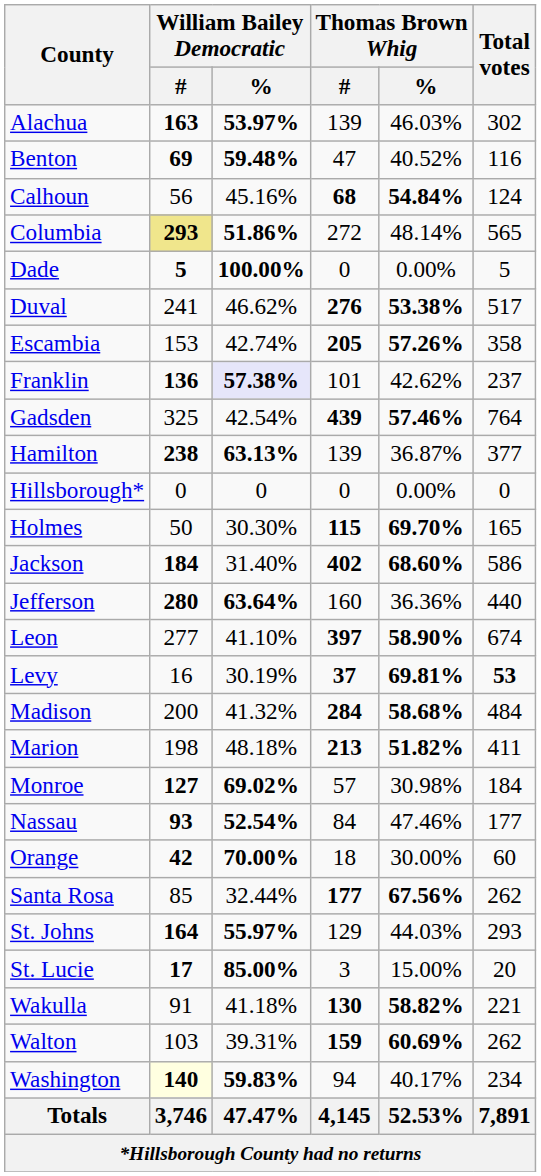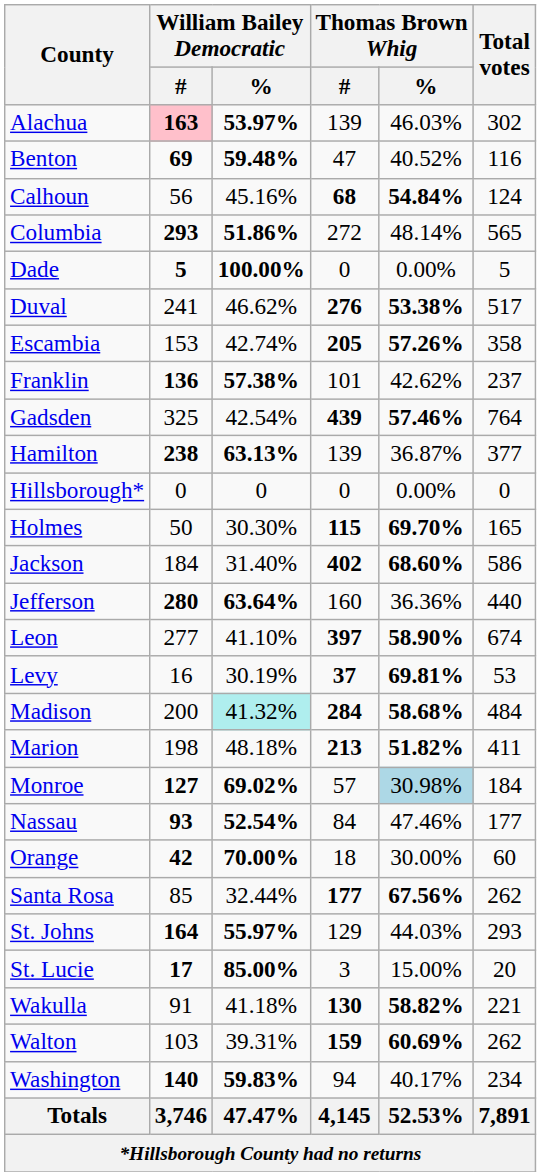 <table class="wikitable sortable">
 <tr>
 <th rowspan="2" colspan="1" style="text-align:center">County </th>
 <th colspan="2" >William Bailey<br><em>Democratic</em></th>
 <th colspan="2" style="text-align: center;" >Thomas Brown<br><em>Whig</em></th>
 <th rowspan="2" colspan="1" style="text-align: center;">Total<br>votes</th>
 </tr>
 <tr>
 <th colspan="1" style="text-align: center;" >#</th>
 <th colspan="1" style="text-align: center;" >%</th>
 <th colspan="1" style="text-align: center;" >#</th>
 <th colspan="1" style="text-align: center;" >%</th>
 </tr>
 <tr>
 <td><a href='#'>Alachua</a></td>
-<td align="center"><strong>163</strong></td>
+<td align="center" style="background: pink;"><strong>163</strong></td>
 <td align="center"><strong>53.97%</strong></td>
 <td align="center">139</td>
 <td align="center">46.03%</td>
 <td align="center">302</td>
 </tr>
 <tr>
 <td><a href='#'>Benton</a></td>
 <td align="center"><strong>69</strong></td>
 <td align="center"><strong>59.48%</strong></td>
 <td align="center">47</td>
 <td align="center">40.52%</td>
 <td align="center">116</td>
 </tr>
 <tr>
 <td><a href='#'>Calhoun</a></td>
 <td align="center">56</td>
 <td align="center">45.16%</td>
 <td align="center"><strong>68</strong></td>
 <td align="center"><strong>54.84%</strong></td>
 <td align="center">124</td>
 </tr>
 <tr>
 <td><a href='#'>Columbia</a></td>
-<td align="center" style="background: khaki;"><strong>293</strong></td>
+<td align="center"><strong>293</strong></td>
 <td align="center"><strong>51.86%</strong></td>
 <td align="center">272</td>
 <td align="center">48.14%</td>
 <td align="center">565</td>
 </tr>
 <tr>
 <td><a href='#'>Dade</a></td>
 <td align="center"><strong>5</strong></td>
 <td align="center"><strong>100.00%</strong></td>
 <td align="center">0</td>
 <td align="center">0.00%</td>
 <td align="center">5</td>
 </tr>
 <tr>
 <td><a href='#'>Duval</a></td>
 <td align="center">241</td>
 <td align="center">46.62%</td>
 <td align="center"><strong>276</strong></td>
 <td align="center"><strong>53.38%</strong></td>
 <td align="center">517</td>
 </tr>
 <tr>
 <td><a href='#'>Escambia</a></td>
 <td align="center">153</td>
 <td align="center">42.74%</td>
 <td align="center"><strong>205</strong></td>
 <td align="center"><strong>57.26%</strong></td>
 <td align="center">358</td>
 </tr>
 <tr>
 <td><a href='#'>Franklin</a></td>
 <td align="center"><strong>136</strong></td>
-<td align="center" style="background: lavender;"><strong>57.38%</strong></td>
+<td align="center"><strong>57.38%</strong></td>
 <td align="center">101</td>
 <td align="center">42.62%</td>
 <td align="center">237</td>
 </tr>
 <tr>
 <td><a href='#'>Gadsden</a></td>
 <td align="center">325</td>
 <td align="center">42.54%</td>
 <td align="center"><strong>439</strong></td>
 <td align="center"><strong>57.46%</strong></td>
 <td align="center">764</td>
 </tr>
 <tr>
 <td><a href='#'>Hamilton</a></td>
 <td align="center"><strong>238</strong></td>
 <td align="center"><strong>63.13%</strong></td>
 <td align="center">139</td>
 <td align="center">36.87%</td>
 <td align="center">377</td>
 </tr>
 <tr>
 <td><a href='#'>Hillsborough*</a></td>
 <td align="center">0</td>
 <td align="center">0</td>
 <td align="center">0</td>
 <td align="center">0.00%</td>
 <td align="center">0</td>
 </tr>
 <tr>
 <td><a href='#'>Holmes</a></td>
 <td align="center">50</td>
 <td align="center">30.30%</td>
 <td align="center"><strong>115</strong></td>
 <td align="center"><strong>69.70%</strong></td>
 <td align="center">165</td>
 </tr>
 <tr>
 <td><a href='#'>Jackson</a></td>
-<td align="center"><strong>184</strong></td>
+<td align="center">184</td>
 <td align="center">31.40%</td>
 <td align="center"><strong>402</strong></td>
 <td align="center"><strong>68.60%</strong></td>
 <td align="center">586</td>
 </tr>
 <tr>
 <td><a href='#'>Jefferson</a></td>
 <td align="center"><strong>280</strong></td>
 <td align="center"><strong>63.64%</strong></td>
 <td align="center">160</td>
 <td align="center">36.36%</td>
 <td align="center">440</td>
 </tr>
 <tr>
 <td><a href='#'>Leon</a></td>
 <td align="center">277</td>
 <td align="center">41.10%</td>
 <td align="center"><strong>397</strong></td>
 <td align="center"><strong>58.90%</strong></td>
 <td align="center">674</td>
 </tr>
 <tr>
 <td><a href='#'>Levy</a></td>
 <td align="center">16</td>
 <td align="center">30.19%</td>
 <td align="center"><strong>37</strong></td>
 <td align="center"><strong>69.81%</strong></td>
-<td align="center"><strong>53</strong></td>
+<td align="center">53</td>
 </tr>
 <tr>
 <td><a href='#'>Madison</a></td>
 <td align="center">200</td>
-<td align="center">41.32%</td>
+<td align="center" style="background: paleturquoise;">41.32%</td>
 <td align="center"><strong>284</strong></td>
 <td align="center"><strong>58.68%</strong></td>
 <td align="center">484</td>
 </tr>
 <tr>
 <td><a href='#'>Marion</a></td>
 <td align="center">198</td>
 <td align="center">48.18%</td>
 <td align="center"><strong>213</strong></td>
 <td align="center"><strong>51.82%</strong></td>
 <td align="center">411</td>
 </tr>
 <tr>
 <td><a href='#'>Monroe</a></td>
 <td align="center"><strong>127</strong></td>
 <td align="center"><strong>69.02%</strong></td>
 <td align="center">57</td>
-<td align="center">30.98%</td>
+<td align="center" style="background: lightblue;">30.98%</td>
 <td align="center">184</td>
 </tr>
 <tr>
 <td><a href='#'>Nassau</a></td>
 <td align="center"><strong>93</strong></td>
 <td align="center"><strong>52.54%</strong></td>
 <td align="center">84</td>
 <td align="center">47.46%</td>
 <td align="center">177</td>
 </tr>
 <tr>
 <td><a href='#'>Orange</a></td>
 <td align="center"><strong>42</strong></td>
 <td align="center"><strong>70.00%</strong></td>
 <td align="center">18</td>
 <td align="center">30.00%</td>
 <td align="center">60</td>
 </tr>
 <tr>
 <td><a href='#'>Santa Rosa</a></td>
 <td align="center">85</td>
 <td align="center">32.44%</td>
 <td align="center"><strong>177</strong></td>
 <td align="center"><strong>67.56%</strong></td>
 <td align="center">262</td>
 </tr>
 <tr>
 <td><a href='#'>St. Johns</a></td>
 <td align="center"><strong>164</strong></td>
 <td align="center"><strong>55.97%</strong></td>
 <td align="center">129</td>
 <td align="center">44.03%</td>
 <td align="center">293</td>
 </tr>
 <tr>
 <td><a href='#'>St. Lucie</a></td>
 <td align="center"><strong>17</strong></td>
 <td align="center"><strong>85.00%</strong></td>
 <td align="center">3</td>
 <td align="center">15.00%</td>
 <td align="center">20</td>
 </tr>
 <tr>
 <td><a href='#'>Wakulla</a></td>
 <td align="center">91</td>
 <td align="center">41.18%</td>
 <td align="center"><strong>130</strong></td>
 <td align="center"><strong>58.82%</strong></td>
 <td align="center">221</td>
 </tr>
 <tr>
 <td><a href='#'>Walton</a></td>
 <td align="center">103</td>
 <td align="center">39.31%</td>
 <td align="center"><strong>159</strong></td>
 <td align="center"><strong>60.69%</strong></td>
 <td align="center">262</td>
 </tr>
 <tr>
 <td><a href='#'>Washington</a></td>
-<td align="center" style="background: lightyellow;"><strong>140</strong></td>
+<td align="center"><strong>140</strong></td>
 <td align="center"><strong>59.83%</strong></td>
 <td align="center">94</td>
 <td align="center">40.17%</td>
 <td align="center">234</td>
 </tr>
 <tr>
 <th>Totals</th>
 <th>3,746</th>
 <th>47.47%</th>
 <th>4,145</th>
 <th>52.53%</th>
 <th>7,891</th>
 </tr>
 <tr>
 <th colspan="6"><strong><em><small>*Hillsborough County had no returns</small></em></strong></th>
 </tr>
 </table>
